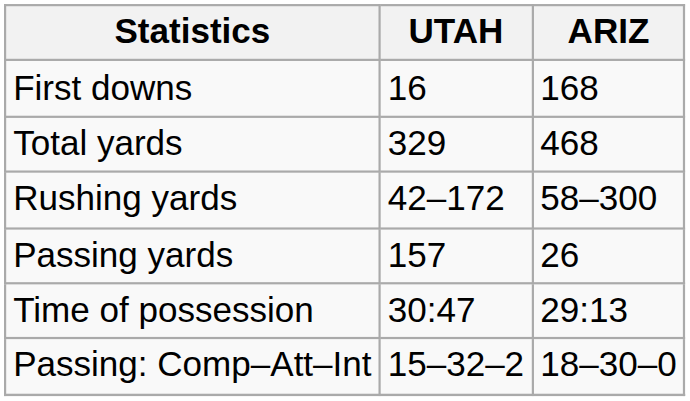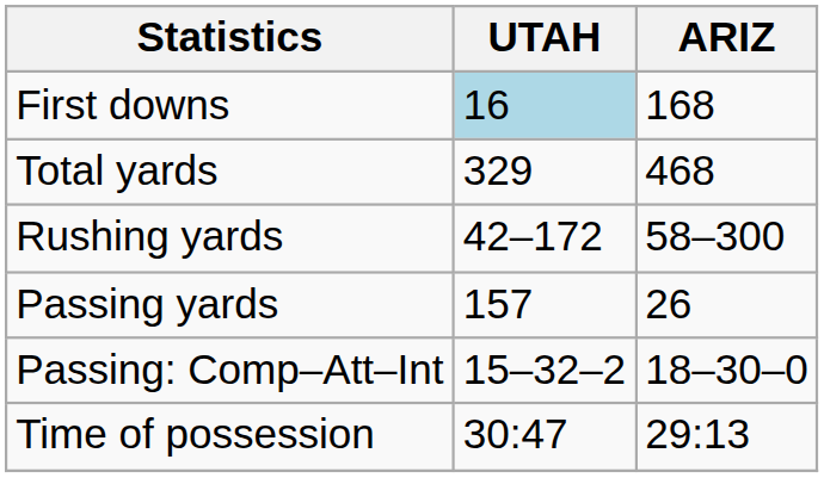 <table class="wikitable" style="float: left;">
 <tr>
 <th>Statistics</th>
 <th>UTAH</th>
 <th>ARIZ</th>
 </tr>
 <tr>
 <td>First downs</td>
-<td>16</td>
+<td style="background: lightblue;">16</td>
 <td>168</td>
 </tr>
 <tr>
 <td>Total yards</td>
 <td>329</td>
 <td>468</td>
 </tr>
 <tr>
 <td>Rushing yards</td>
 <td>42–172</td>
 <td>58–300</td>
 </tr>
 <tr>
 <td>Passing yards</td>
 <td>157</td>
 <td>26</td>
 </tr>
 <tr>
+<td>Passing: Comp–Att–Int</td>
+<td>15–32–2</td>
+<td>18–30–0</td>
+</tr>
+<tr>
 <td>Time of possession</td>
 <td>30:47</td>
 <td>29:13</td>
 </tr>
 <tr>
-<td>Passing: Comp–Att–Int</td>
-<td>15–32–2</td>
-<td>18–30–0</td>
-</tr>
-<tr>
 </tr>
 </table>
